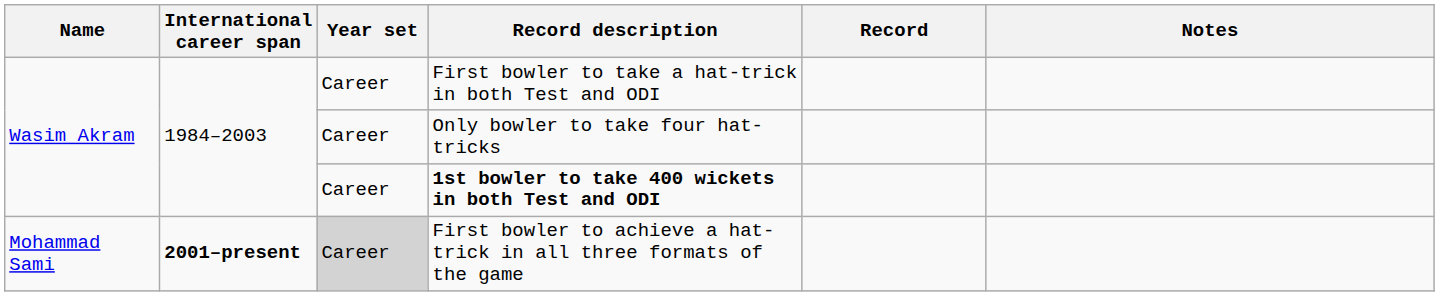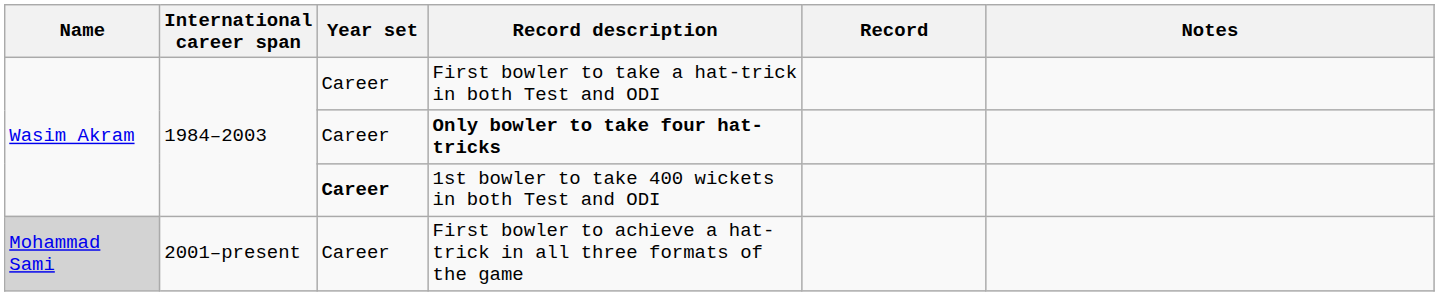 <table class="wikitable">
 <tr>
 <th scope="col" style="width:100px;">Name</th>
 <th scope="col" style="width:90px;">International career span</th>
 <th scope="col" style="width:70px;">Year set</th>
 <th scope="col" style="width:250px;">Record description</th>
 <th scope="col" style="width:120px;">Record</th>
 <th scope="col" style="width:300px;">Notes</th>
 </tr>
 <tr>
 <td rowspan="3"><a href='#'>Wasim Akram</a></td>
 <td rowspan="3">1984–2003</td>
 <td>Career</td>
 <td>First bowler to take a hat-trick in both Test and ODI</td>
 <td></td>
 <td></td>
 </tr>
 <tr>
 <td>Career</td>
-<td>Only bowler to take four hat-tricks</td>
+<td><strong>Only bowler to take four hat-tricks</strong></td>
 <td></td>
 <td></td>
 </tr>
 <tr>
-<td>Career</td>
-<td><strong>1st bowler to take 400 wickets in both Test and ODI</strong></td>
+<td><strong>Career</strong></td>
+<td>1st bowler to take 400 wickets in both Test and ODI</td>
 <td></td>
 <td></td>
 </tr>
 <tr>
-<td><a href='#'>Mohammad Sami</a></td>
-<td><strong>2001–present</strong></td>
-<td style="background: lightgrey;">Career</td>
+<td style="background: lightgrey;"><a href='#'>Mohammad Sami</a></td>
+<td>2001–present</td>
+<td>Career</td>
 <td>First bowler to achieve a hat-trick in all three formats of the game</td>
 <td></td>
 <td></td>
 </tr>
 </table>
